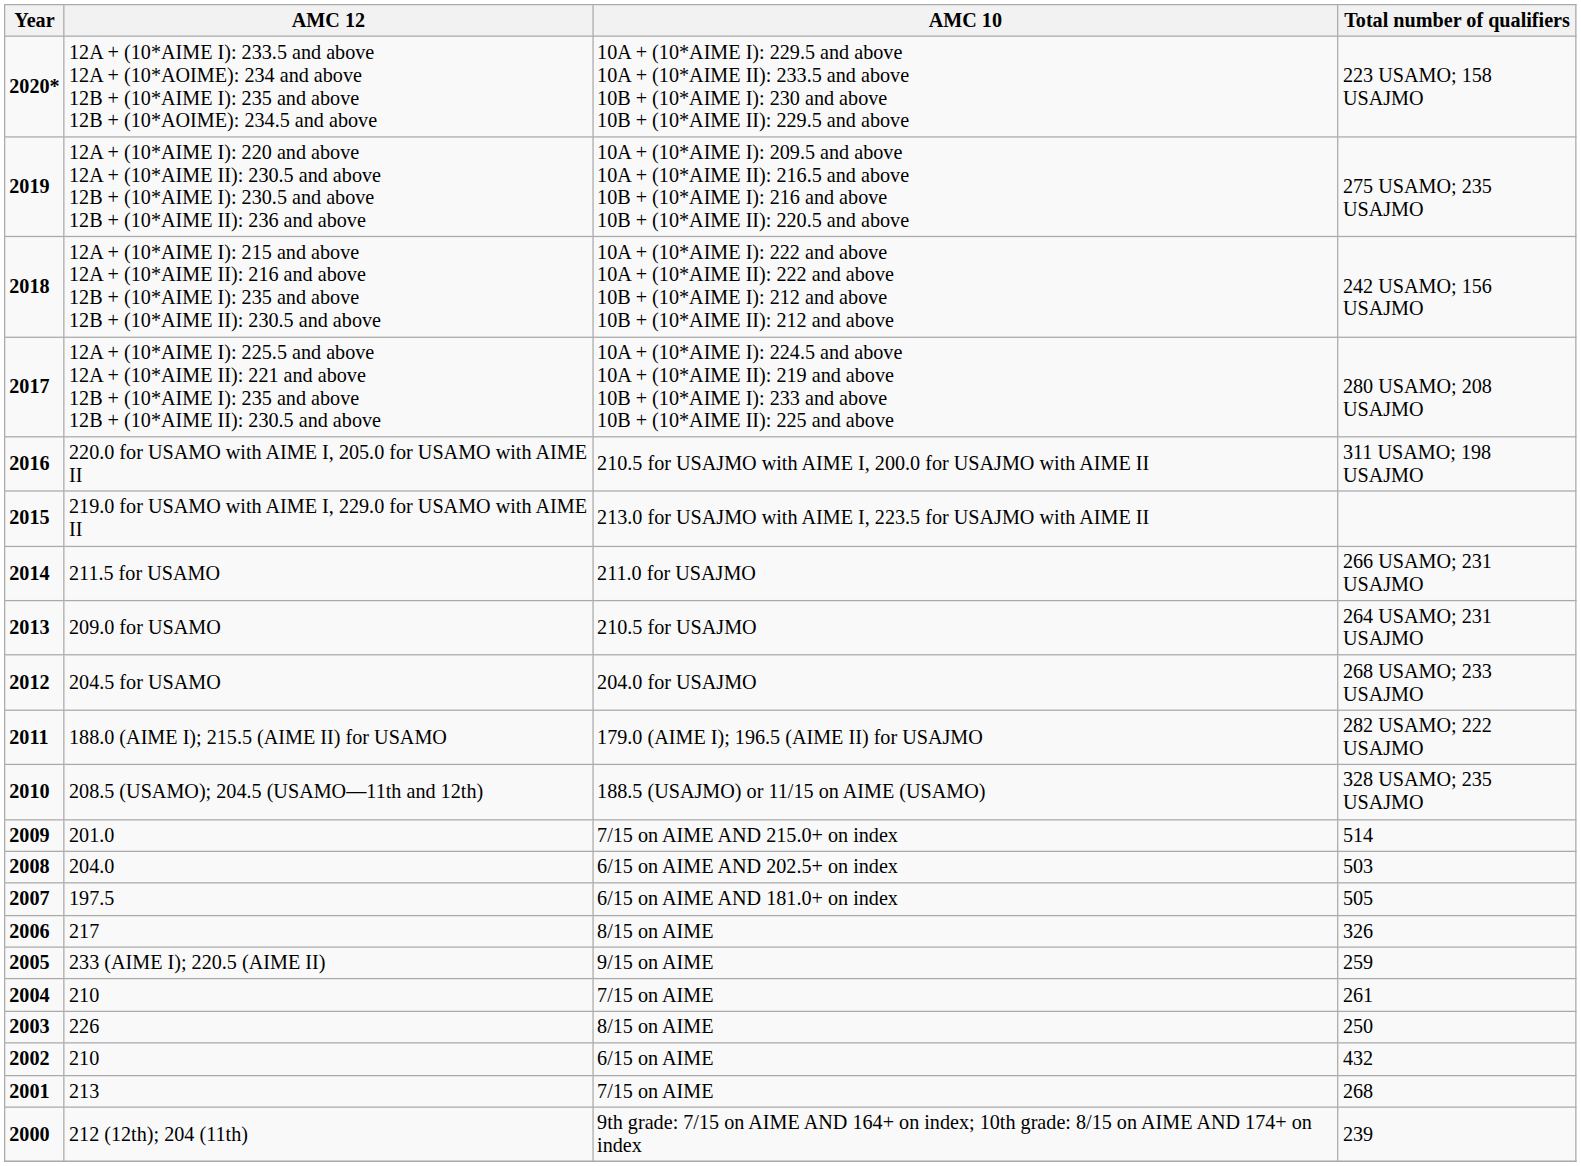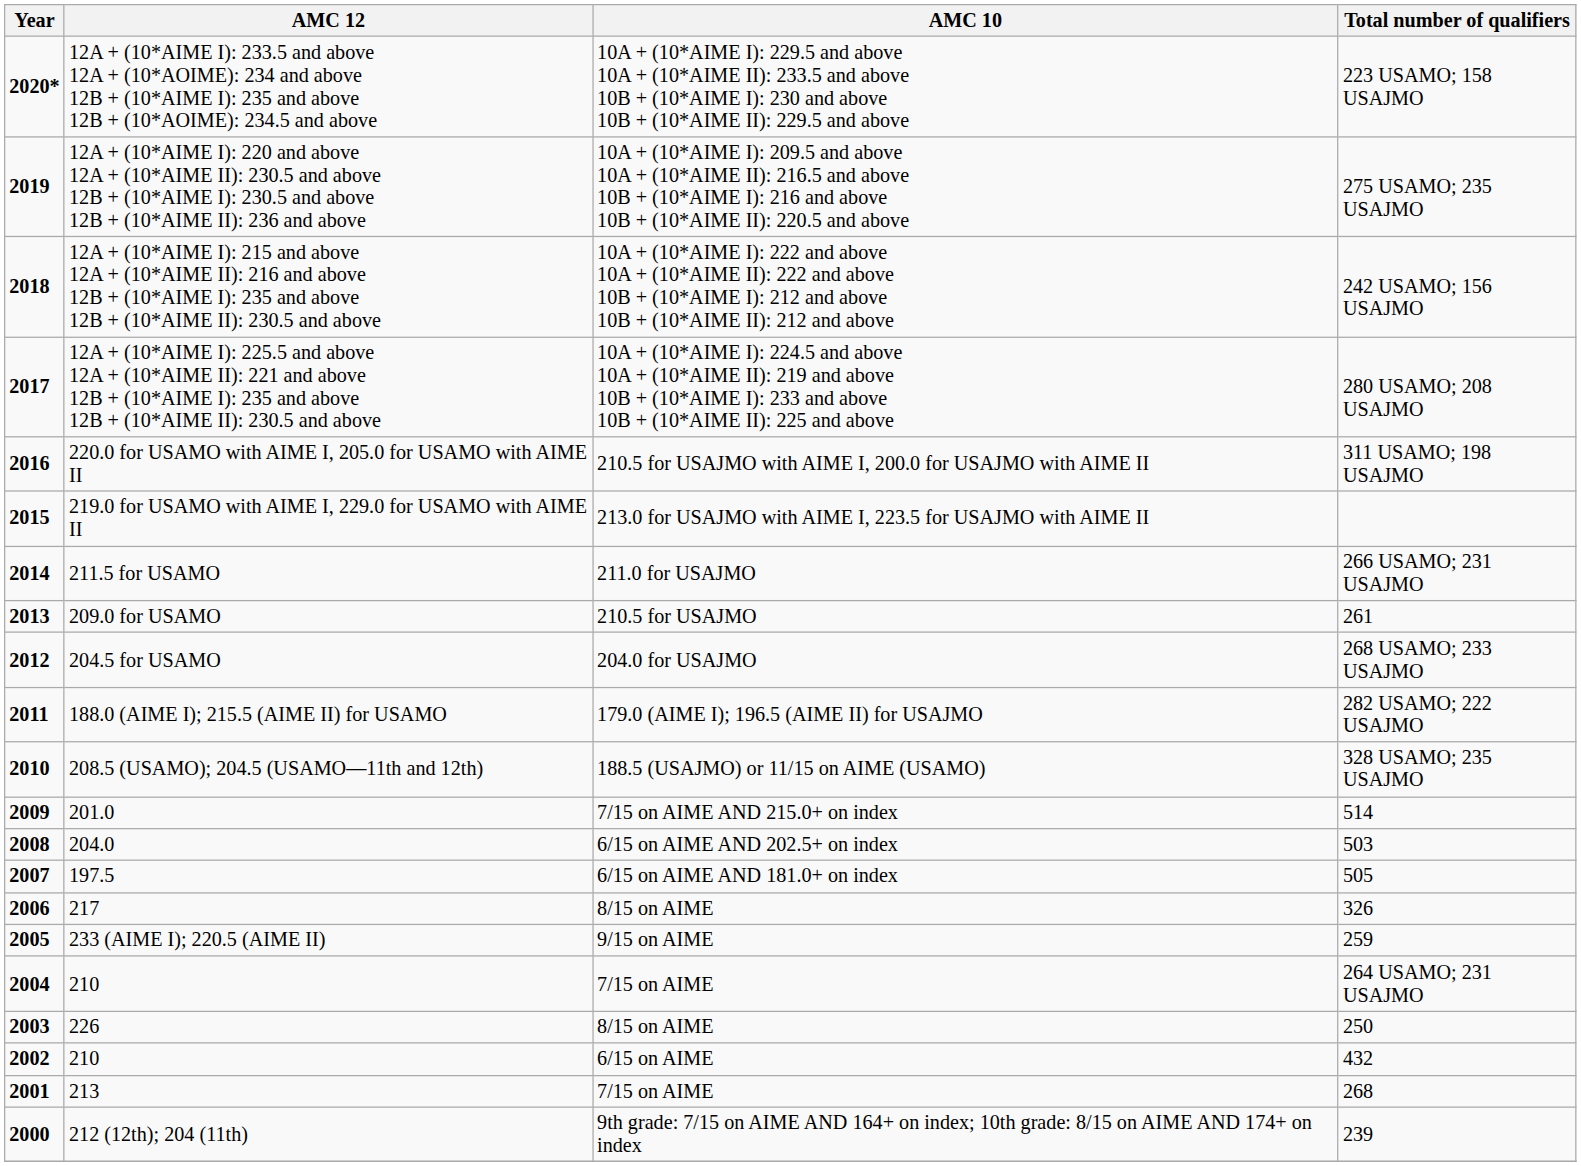 <table class="wikitable">
 <tr>
 <th>Year</th>
 <th>AMC 12</th>
 <th>AMC 10</th>
 <th>Total number of qualifiers</th>
 </tr>
 <tr>
 <td><strong>2020*</strong></td>
 <td>12A + (10*AIME I): 233.5 and above<br>12A + (10*AOIME): 234 and above<br>12B + (10*AIME I): 235 and above<br>12B + (10*AOIME): 234.5 and above</td>
 <td>10A + (10*AIME I): 229.5 and above<br>10A + (10*AIME II): 233.5 and above<br>10B + (10*AIME I): 230 and above<br>10B + (10*AIME II): 229.5 and above</td>
 <td>223 USAMO; 158 USAJMO</td>
 </tr>
 <tr>
 <td><strong>2019</strong></td>
 <td>12A + (10*AIME I): 220 and above<br>12A + (10*AIME II): 230.5 and above<br>12B + (10*AIME I): 230.5 and above<br>12B + (10*AIME II): 236 and above</td>
 <td>10A + (10*AIME I): 209.5 and above<br>10A + (10*AIME II): 216.5 and above<br>10B + (10*AIME I): 216 and above<br>10B + (10*AIME II): 220.5 and above</td>
 <td><br>275 USAMO; 235 USAJMO</td>
 </tr>
 <tr>
 <td><strong>2018</strong></td>
 <td>12A + (10*AIME I): 215 and above<br>12A + (10*AIME II): 216 and above<br>12B + (10*AIME I): 235 and above<br>12B + (10*AIME II): 230.5 and above</td>
 <td>10A + (10*AIME I): 222 and above<br>10A + (10*AIME II): 222 and above<br>10B + (10*AIME I): 212 and above<br>10B + (10*AIME II): 212 and above</td>
 <td><br>242 USAMO; 156 USAJMO</td>
 </tr>
 <tr>
 <td><strong>2017</strong></td>
 <td>12A + (10*AIME I): 225.5 and above<br>12A + (10*AIME II): 221 and above<br>12B + (10*AIME I): 235 and above<br>12B + (10*AIME II): 230.5 and above</td>
 <td>10A + (10*AIME I): 224.5 and above<br>10A + (10*AIME II): 219 and above<br>10B + (10*AIME I): 233 and above<br>10B + (10*AIME II): 225 and above</td>
 <td><br>280 USAMO; 208 USAJMO</td>
 </tr>
 <tr>
 <td><strong>2016</strong></td>
 <td>220.0 for USAMO with AIME I, 205.0 for USAMO with AIME II</td>
 <td>210.5 for USAJMO with AIME I, 200.0 for USAJMO with AIME II</td>
 <td>311 USAMO; 198 USAJMO</td>
 </tr>
 <tr>
 <td><strong>2015</strong></td>
 <td>219.0 for USAMO with AIME I, 229.0 for USAMO with AIME II</td>
 <td>213.0 for USAJMO with AIME I, 223.5 for USAJMO with AIME II</td>
 <td></td>
 </tr>
 <tr>
 <td><strong>2014</strong></td>
 <td>211.5 for USAMO</td>
 <td>211.0 for USAJMO</td>
 <td>266 USAMO; 231 USAJMO</td>
 </tr>
 <tr>
 <td><strong>2013</strong></td>
 <td>209.0 for USAMO</td>
 <td>210.5 for USAJMO</td>
-<td>264 USAMO; 231 USAJMO</td>
+<td>261</td>
 </tr>
 <tr>
 <td><strong>2012</strong></td>
 <td>204.5 for USAMO</td>
 <td>204.0 for USAJMO</td>
 <td>268 USAMO; 233 USAJMO</td>
 </tr>
 <tr>
 <td><strong>2011</strong></td>
 <td>188.0 (AIME I); 215.5 (AIME II) for USAMO</td>
 <td>179.0 (AIME I); 196.5 (AIME II) for USAJMO</td>
 <td>282 USAMO; 222 USAJMO</td>
 </tr>
 <tr>
 <td><strong>2010</strong></td>
 <td>208.5 (USAMO); 204.5 (USAMO—11th and 12th)</td>
 <td>188.5 (USAJMO) or 11/15 on AIME (USAMO)</td>
 <td>328 USAMO; 235 USAJMO</td>
 </tr>
 <tr>
 <td><strong>2009</strong></td>
 <td>201.0</td>
 <td>7/15 on AIME AND 215.0+ on index</td>
 <td>514</td>
 </tr>
 <tr>
 <td><strong>2008</strong></td>
 <td>204.0</td>
 <td>6/15 on AIME AND 202.5+ on index</td>
 <td>503</td>
 </tr>
 <tr>
 <td><strong>2007</strong></td>
 <td>197.5</td>
 <td>6/15 on AIME AND 181.0+ on index</td>
 <td>505</td>
 </tr>
 <tr>
 <td><strong>2006</strong></td>
 <td>217</td>
 <td>8/15 on AIME</td>
 <td>326</td>
 </tr>
 <tr>
 <td><strong>2005</strong></td>
 <td>233 (AIME I); 220.5 (AIME II)</td>
 <td>9/15 on AIME</td>
 <td>259</td>
 </tr>
 <tr>
 <td><strong>2004</strong></td>
 <td>210</td>
 <td>7/15 on AIME</td>
-<td>261</td>
+<td>264 USAMO; 231 USAJMO</td>
 </tr>
 <tr>
 <td><strong>2003</strong></td>
 <td>226</td>
 <td>8/15 on AIME</td>
 <td>250</td>
 </tr>
 <tr>
 <td><strong>2002</strong></td>
 <td>210</td>
 <td>6/15 on AIME</td>
 <td>432</td>
 </tr>
 <tr>
 <td><strong>2001</strong></td>
 <td>213</td>
 <td>7/15 on AIME</td>
 <td>268</td>
 </tr>
 <tr>
 <td><strong>2000</strong></td>
 <td>212 (12th); 204 (11th)</td>
 <td>9th grade: 7/15 on AIME AND 164+ on index; 10th grade: 8/15 on AIME AND 174+ on index</td>
 <td>239</td>
 </tr>
 <tr>
 </tr>
 </table>
